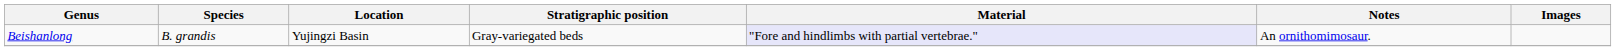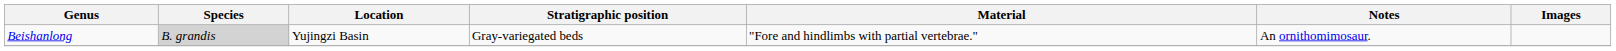 <table class="wikitable" align="center" width="100%">
 <tr>
 <th>Genus</th>
 <th>Species</th>
 <th>Location</th>
 <th>Stratigraphic position</th>
 <th>Material</th>
 <th>Notes</th>
 <th>Images</th>
 </tr>
 <tr>
 <td><em><a href='#'>Beishanlong</a></em></td>
-<td><em>B. grandis</em></td>
+<td style="background: lightgrey;"><em>B. grandis</em></td>
 <td>Yujingzi Basin</td>
 <td>Gray-variegated beds</td>
-<td style="background: lavender;">"Fore and hindlimbs with partial vertebrae."</td>
+<td>"Fore and hindlimbs with partial vertebrae."</td>
 <td>An <a href='#'>ornithomimosaur</a>.</td>
 <td></td>
 </tr>
 <tr>
 </tr>
 </table>
